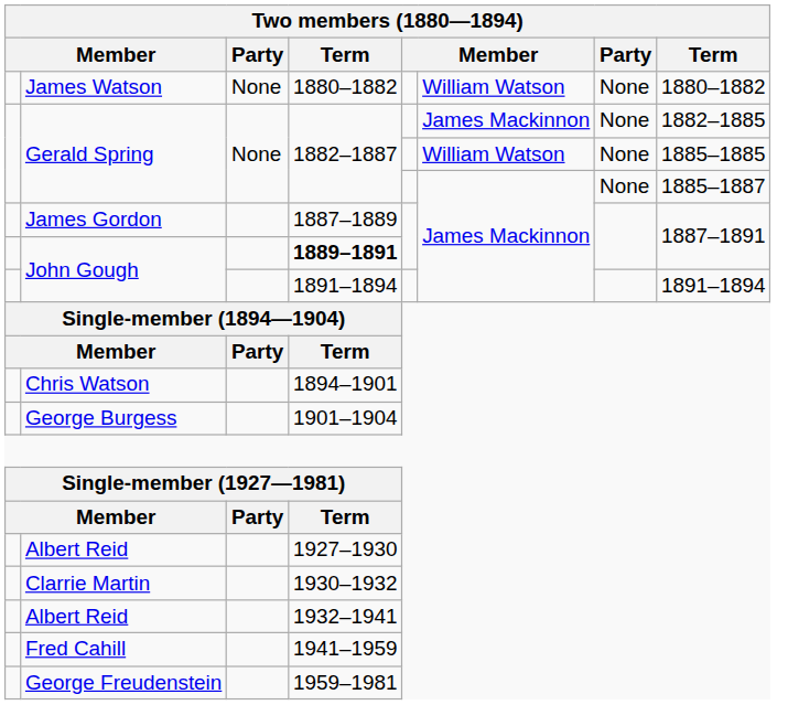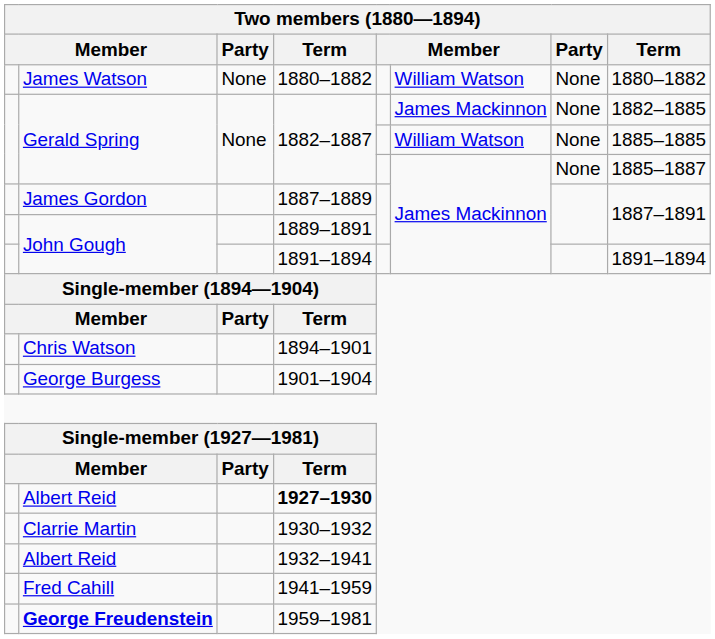 <table class="wikitable" style='border-style: none none none none;'>
 <tr>
 <th colspan="8">Two members (1880—1894)</th>
 </tr>
 <tr>
 <th colspan="2">Member</th>
 <th>Party</th>
 <th>Term</th>
 <th colspan="2">Member</th>
 <th>Party</th>
 <th>Term</th>
 </tr>
 <tr style="background: #f9f9f9">
 <td> </td>
 <td><a href='#'>James Watson</a></td>
 <td>None</td>
 <td>1880–1882</td>
 <td> </td>
 <td><a href='#'>William Watson</a></td>
 <td>None</td>
 <td>1880–1882</td>
 </tr>
 <tr style="background: #f9f9f9">
 <td rowspan="3" > </td>
 <td rowspan="3"><a href='#'>Gerald Spring</a></td>
 <td rowspan="3">None</td>
 <td rowspan="3">1882–1887</td>
 <td> </td>
 <td><a href='#'>James Mackinnon</a></td>
 <td>None</td>
 <td>1882–1885</td>
 </tr>
 <tr style="background: #f9f9f9">
 <td> </td>
 <td><a href='#'>William Watson</a></td>
 <td>None</td>
 <td>1885–1885</td>
 </tr>
 <tr style="background: #f9f9f9">
 <td> </td>
 <td rowspan="4"><a href='#'>James Mackinnon</a></td>
 <td>None</td>
 <td>1885–1887</td>
 </tr>
 <tr style="background: #f9f9f9">
 <td> </td>
 <td><a href='#'>James Gordon</a></td>
 <td></td>
 <td>1887–1889</td>
 <td rowspan="2" > </td>
 <td rowspan="2"></td>
 <td rowspan="2">1887–1891</td>
 </tr>
 <tr style="background: #f9f9f9">
 <td> </td>
 <td rowspan="2"><a href='#'>John Gough</a></td>
 <td></td>
-<td><strong>1889–1891</strong></td>
+<td>1889–1891</td>
 </tr>
 <tr style="background: #f9f9f9">
 <td> </td>
 <td></td>
 <td>1891–1894</td>
 <td> </td>
 <td></td>
 <td>1891–1894</td>
 </tr>
 <tr>
 <th colspan="4">Single-member (1894—1904)</th>
 </tr>
 <tr>
 <th colspan="2">Member</th>
 <th>Party</th>
 <th>Term</th>
 </tr>
 <tr style="background: #f9f9f9">
 <td> </td>
 <td><a href='#'>Chris Watson</a></td>
 <td></td>
 <td>1894–1901</td>
 </tr>
 <tr style="background: #f9f9f9">
 <td> </td>
 <td><a href='#'>George Burgess</a></td>
 <td></td>
 <td>1901–1904</td>
 </tr>
 <tr>
 <td colspan="4" style='border-style: none none none none;'> </td>
 </tr>
 <tr>
 <th colspan="4">Single-member (1927—1981)</th>
 </tr>
 <tr>
 <th colspan="2">Member</th>
 <th>Party</th>
 <th>Term</th>
 </tr>
 <tr style="background: #f9f9f9">
 <td> </td>
 <td><a href='#'>Albert Reid</a></td>
 <td></td>
-<td>1927–1930</td>
+<td><strong>1927–1930</strong></td>
 </tr>
 <tr style="background: #f9f9f9">
 <td> </td>
 <td><a href='#'>Clarrie Martin</a></td>
 <td></td>
 <td>1930–1932</td>
 </tr>
 <tr style="background: #f9f9f9">
 <td> </td>
 <td><a href='#'>Albert Reid</a></td>
 <td></td>
 <td>1932–1941</td>
 </tr>
 <tr style="background: #f9f9f9">
 <td> </td>
 <td><a href='#'>Fred Cahill</a></td>
 <td></td>
 <td>1941–1959</td>
 </tr>
 <tr style="background: #f9f9f9">
 <td> </td>
-<td><a href='#'>George Freudenstein</a></td>
+<td><strong><a href='#'>George Freudenstein</a></strong></td>
 <td></td>
 <td>1959–1981</td>
 </tr>
 </table>
